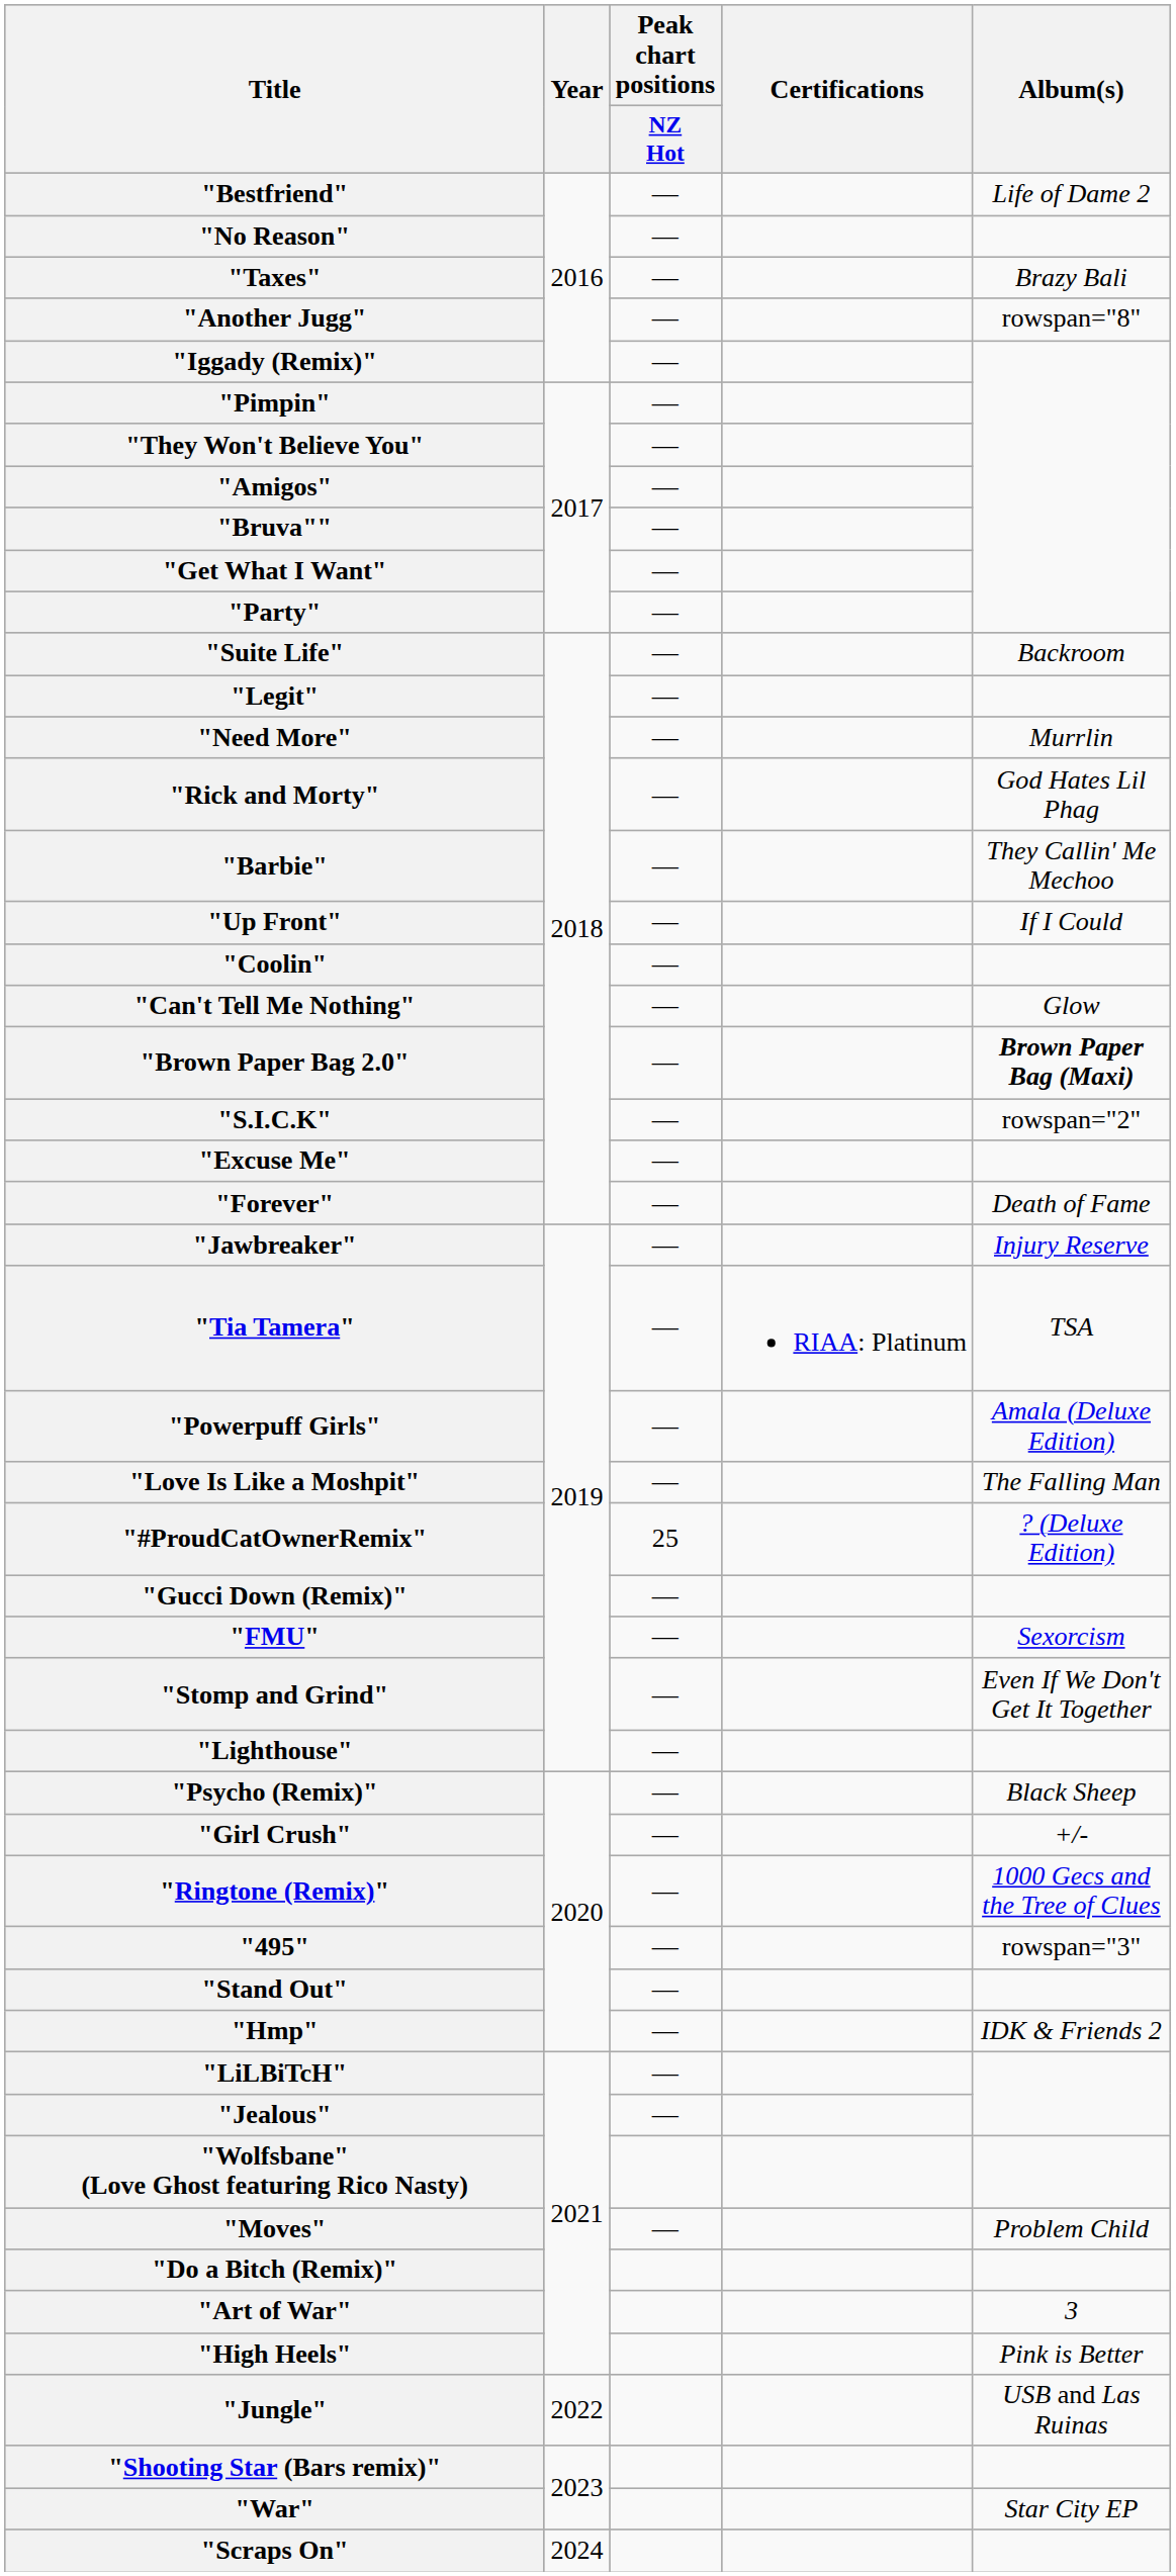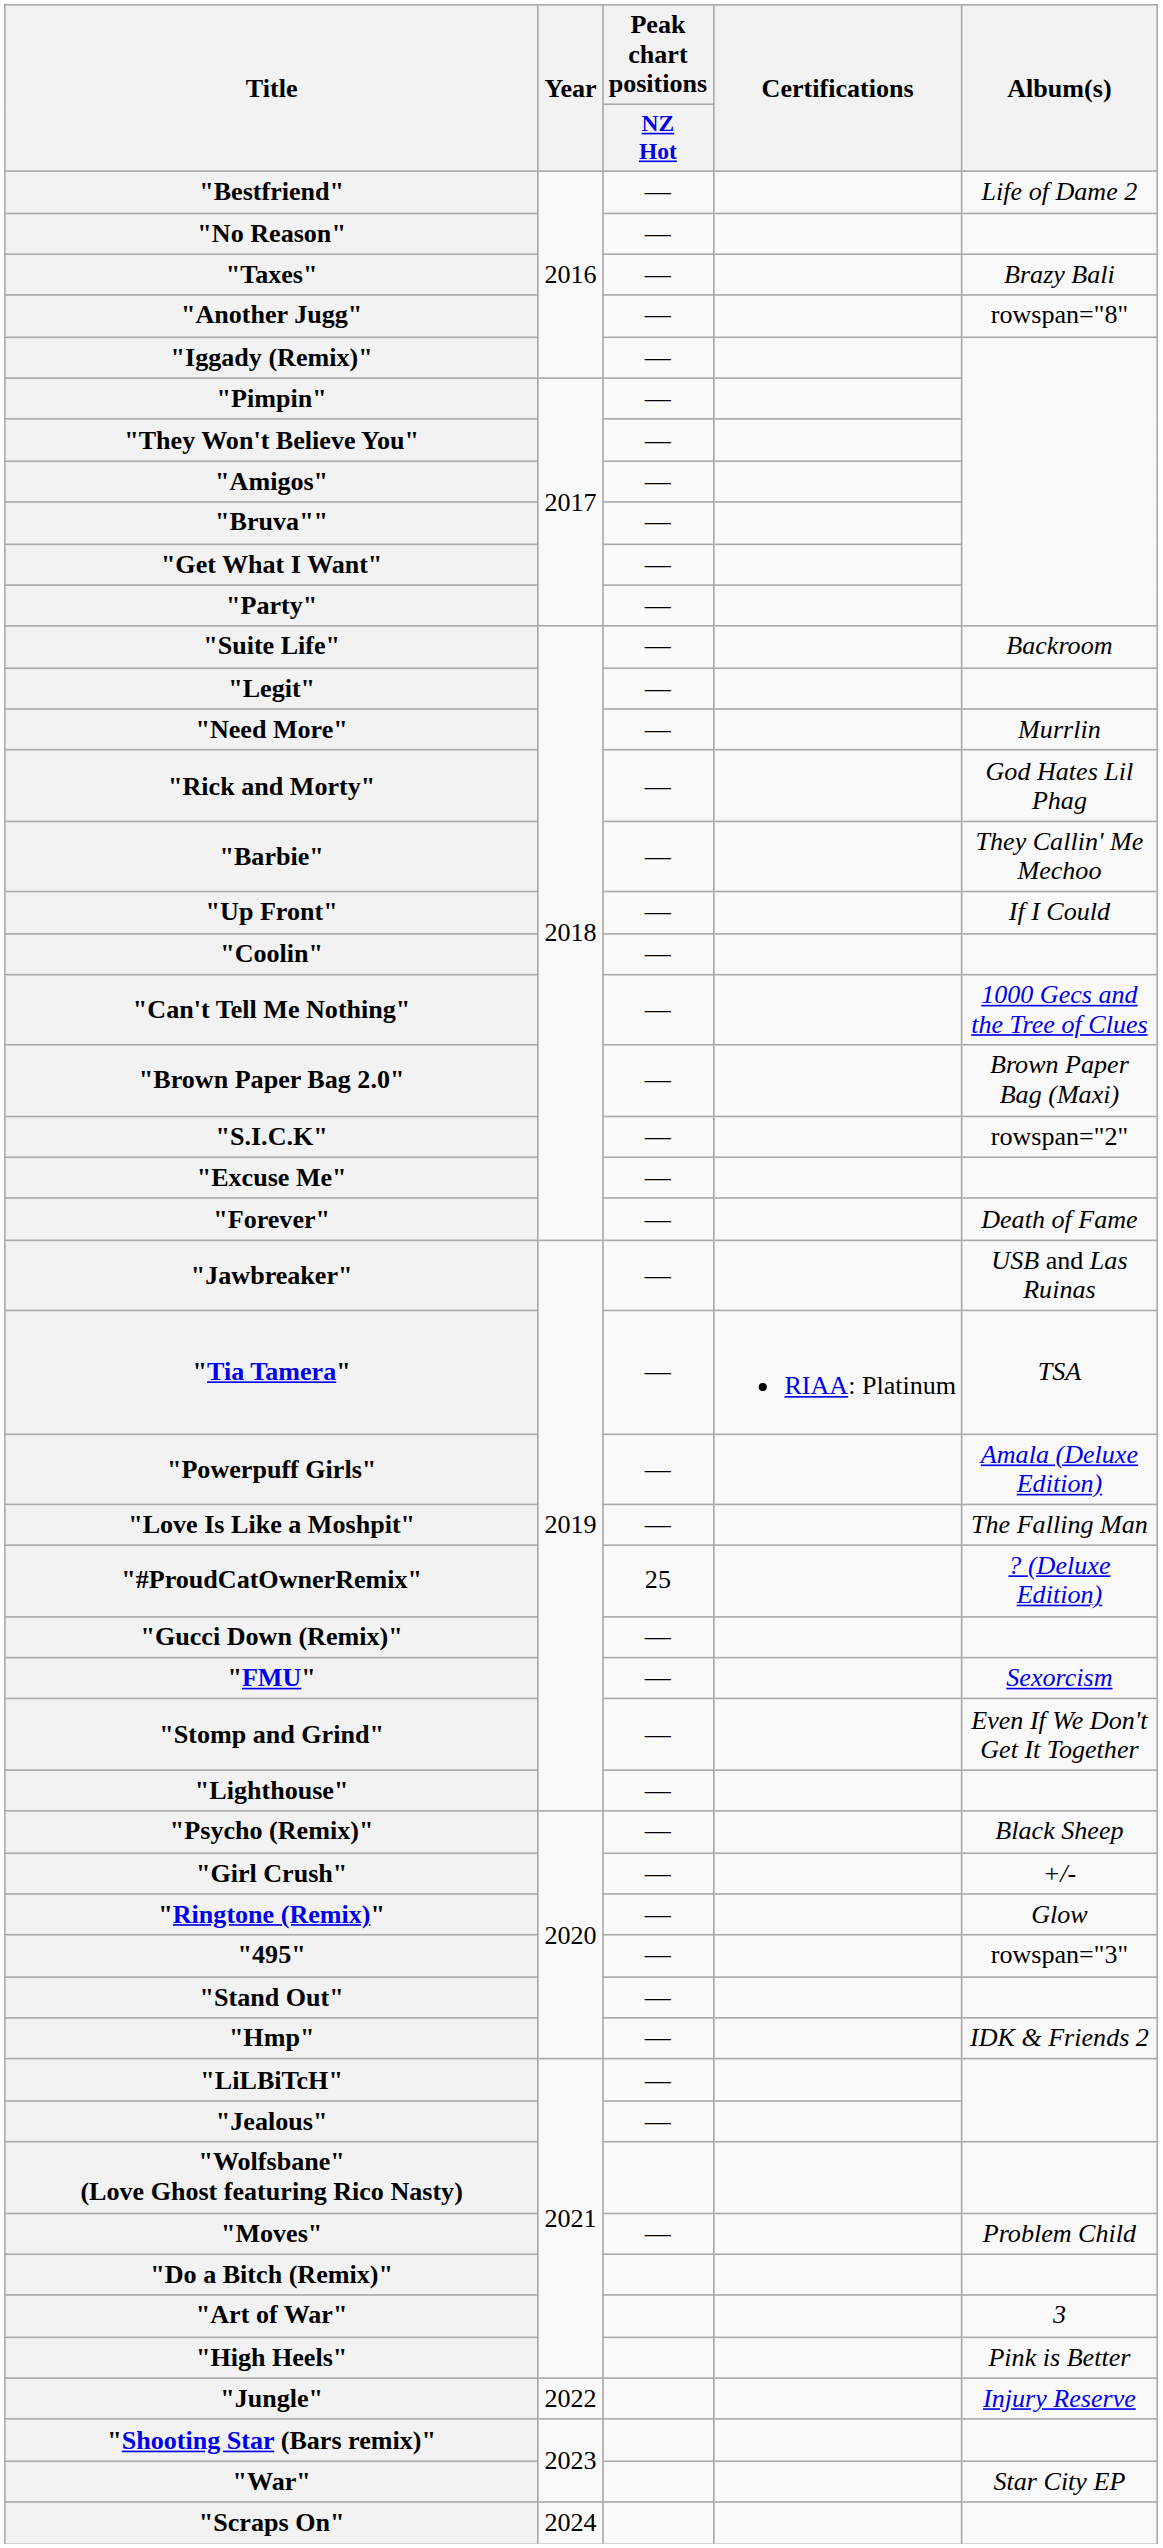 <table class="wikitable plainrowheaders" style="text-align:center;">
 <tr>
 <th rowspan="2" scope="col" style="width:20em;">Title</th>
 <th rowspan="2" scope="col" style="width:2em;">Year</th>
 <th style="width:1em;">Peak chart positions</th>
 <th rowspan="2" scope="col">Certifications</th>
 <th rowspan="2" scope="col" style="width:7em;">Album(s)</th>
 </tr>
 <tr>
 <th scope="col" style="width:3em;font-size:90%;"><a href='#'>NZ<br>Hot</a><br></th>
 </tr>
 <tr>
 <th scope="row">"Bestfriend"<br></th>
 <td rowspan="5">2016</td>
 <td>—</td>
 <td></td>
 <td><em>Life of Dame 2</em></td>
 </tr>
 <tr>
 <th scope="row">"No Reason"<br></th>
 <td>—</td>
 <td></td>
 <td></td>
 </tr>
 <tr>
 <th scope="row">"Taxes"<br></th>
 <td>—</td>
 <td></td>
 <td><em>Brazy Bali</em></td>
 </tr>
 <tr>
 <th scope="row">"Another Jugg"<br></th>
 <td>—</td>
 <td></td>
 <td>rowspan="8" </td>
 </tr>
 <tr>
 <th scope="row">"Iggady (Remix)"<br></th>
 <td>—</td>
 <td></td>
 </tr>
 <tr>
 <th scope="row">"Pimpin"<br></th>
 <td rowspan="6">2017</td>
 <td>—</td>
 <td></td>
 </tr>
 <tr>
 <th scope="row">"They Won't Believe You"<br></th>
 <td>—</td>
 <td></td>
 </tr>
 <tr>
 <th scope="row">"Amigos"<br></th>
 <td>—</td>
 <td></td>
 </tr>
 <tr>
 <th scope="row">"Bruva""<br></th>
 <td>—</td>
 <td></td>
 </tr>
 <tr>
 <th scope="row">"Get What I Want"<br></th>
 <td>—</td>
 <td></td>
 </tr>
 <tr>
 <th scope="row">"Party"<br></th>
 <td>—</td>
 <td></td>
 </tr>
 <tr>
 <th scope="row">"Suite Life"<br></th>
 <td rowspan="12">2018</td>
 <td>—</td>
 <td></td>
 <td><em>Backroom</em></td>
 </tr>
 <tr>
 <th scope="row">"Legit"<br></th>
 <td>—</td>
 <td></td>
 <td></td>
 </tr>
 <tr>
 <th scope="row">"Need More"<br></th>
 <td>—</td>
 <td></td>
 <td><em>Murrlin</em></td>
 </tr>
 <tr>
 <th scope="row">"Rick and Morty"<br></th>
 <td>—</td>
 <td></td>
 <td><em>God Hates Lil Phag</em></td>
 </tr>
 <tr>
 <th scope="row">"Barbie"<br></th>
 <td>—</td>
 <td></td>
 <td><em>They Callin' Me Mechoo</em></td>
 </tr>
 <tr>
 <th scope="row">"Up Front"<br></th>
 <td>—</td>
 <td></td>
 <td><em>If I Could</em></td>
 </tr>
 <tr>
 <th scope="row">"Coolin"<br></th>
 <td>—</td>
 <td></td>
 <td></td>
 </tr>
 <tr>
 <th scope="row">"Can't Tell Me Nothing"<br></th>
 <td>—</td>
 <td></td>
-<td><em>Glow</em></td>
+<td><em><a href='#'>1000 Gecs and the Tree of Clues</a></em></td>
 </tr>
 <tr>
 <th scope="row">"Brown Paper Bag 2.0"<br></th>
 <td>—</td>
 <td></td>
-<td><strong><em>Brown Paper Bag (Maxi)</em></strong></td>
+<td><em>Brown Paper Bag (Maxi)</em></td>
 </tr>
 <tr>
 <th scope="row">"S.I.C.K"<br></th>
 <td>—</td>
 <td></td>
 <td>rowspan="2" </td>
 </tr>
 <tr>
 <th scope="row">"Excuse Me"<br></th>
 <td>—</td>
 <td></td>
 </tr>
 <tr>
 <th scope="row">"Forever"<br></th>
 <td>—</td>
 <td></td>
 <td><em>Death of Fame</em></td>
 </tr>
 <tr>
 <th scope="row">"Jawbreaker"<br></th>
 <td rowspan="9">2019</td>
 <td>—</td>
 <td></td>
-<td><em><a href='#'>Injury Reserve</a></em></td>
+<td><em>USB</em> and <em>Las Ruinas</em></td>
 </tr>
 <tr>
 <th scope="row">"<a href='#'>Tia Tamera</a>"<br></th>
 <td>—</td>
 <td><br><ul><li><a href='#'>RIAA</a>: Platinum</li></ul></td>
 <td><em>TSA</em></td>
 </tr>
 <tr>
 <th scope="row">"Powerpuff Girls"<br></th>
 <td>—</td>
 <td></td>
 <td><em><a href='#'>Amala (Deluxe Edition)</a></em></td>
 </tr>
 <tr>
 <th scope="row">"Love Is Like a Moshpit"<br></th>
 <td>—</td>
 <td></td>
 <td><em>The Falling Man</em></td>
 </tr>
 <tr>
 <th scope="row">"#ProudCatOwnerRemix"<br></th>
 <td>25</td>
 <td></td>
 <td><em><a href='#'>? (Deluxe Edition)</a></em></td>
 </tr>
 <tr>
 <th scope="row">"Gucci Down (Remix)"<br></th>
 <td>—</td>
 <td></td>
 <td></td>
 </tr>
 <tr>
 <th scope="row">"<a href='#'>FMU</a>"<br></th>
 <td>—</td>
 <td></td>
 <td><em><a href='#'>Sexorcism</a></em></td>
 </tr>
 <tr>
 <th scope="row">"Stomp and Grind"<br></th>
 <td>—</td>
 <td></td>
 <td><em>Even If We Don't Get It Together</em></td>
 </tr>
 <tr>
 <th scope="row">"Lighthouse"<br></th>
 <td>—</td>
 <td></td>
 <td></td>
 </tr>
 <tr>
 <th scope="row">"Psycho (Remix)"<br></th>
 <td rowspan="6">2020</td>
 <td>—</td>
 <td></td>
 <td><em>Black Sheep</em></td>
 </tr>
 <tr>
 <th scope="row">"Girl Crush"<br></th>
 <td>—</td>
 <td></td>
 <td><em>+/-</em></td>
 </tr>
 <tr>
 <th scope="row">"<a href='#'>Ringtone (Remix)</a>"<br></th>
 <td>—</td>
 <td></td>
-<td><em><a href='#'>1000 Gecs and the Tree of Clues</a></em></td>
+<td><em>Glow</em></td>
 </tr>
 <tr>
 <th scope="row">"495"<br></th>
 <td>—</td>
 <td></td>
 <td>rowspan="3" </td>
 </tr>
 <tr>
 <th scope="row">"Stand Out"<br></th>
 <td>—</td>
 <td></td>
 <td></td>
 </tr>
 <tr>
 <th scope="row">"Hmp"<br></th>
 <td>—</td>
 <td></td>
 <td><em>IDK & Friends 2</em></td>
 </tr>
 <tr>
 <th scope="row">"LiLBiTcH"<br></th>
 <td rowspan="7">2021</td>
 <td>—</td>
 <td></td>
 </tr>
 <tr>
 <th scope="row">"Jealous"<br></th>
 <td>—</td>
 <td></td>
 </tr>
 <tr>
 <th>"Wolfsbane"<br>(Love Ghost featuring Rico Nasty)</th>
 <td></td>
 <td></td>
 <td></td>
 </tr>
 <tr>
 <th scope="row">"Moves"<br></th>
 <td>—</td>
 <td></td>
 <td><em>Problem Child</em></td>
 </tr>
 <tr>
 <th scope="row">"Do a Bitch (Remix)"<br></th>
 <td></td>
 <td></td>
 <td></td>
 </tr>
 <tr>
 <th scope="row">"Art of War"<br></th>
 <td></td>
 <td></td>
 <td><em>3</em></td>
 </tr>
 <tr>
 <th scope="row">"High Heels"<br></th>
 <td></td>
 <td></td>
 <td><em>Pink is Better</em></td>
 </tr>
 <tr>
 <th scope="row">"Jungle"<br></th>
 <td>2022</td>
 <td></td>
 <td></td>
-<td><em>USB</em> and <em>Las Ruinas</em></td>
+<td><em><a href='#'>Injury Reserve</a></em></td>
 </tr>
 <tr>
 <th scope="row">"<a href='#'>Shooting Star</a> (Bars remix)"<br></th>
 <td rowspan="2">2023</td>
 <td></td>
 <td></td>
 <td></td>
 </tr>
 <tr>
 <th scope="row">"War"<br></th>
 <td></td>
 <td></td>
 <td><em>Star City EP</em></td>
 </tr>
 <tr>
 <th scope="row">"Scraps On"<br></th>
 <td>2024</td>
 <td></td>
 <td></td>
 <td></td>
 </tr>
 </table>
